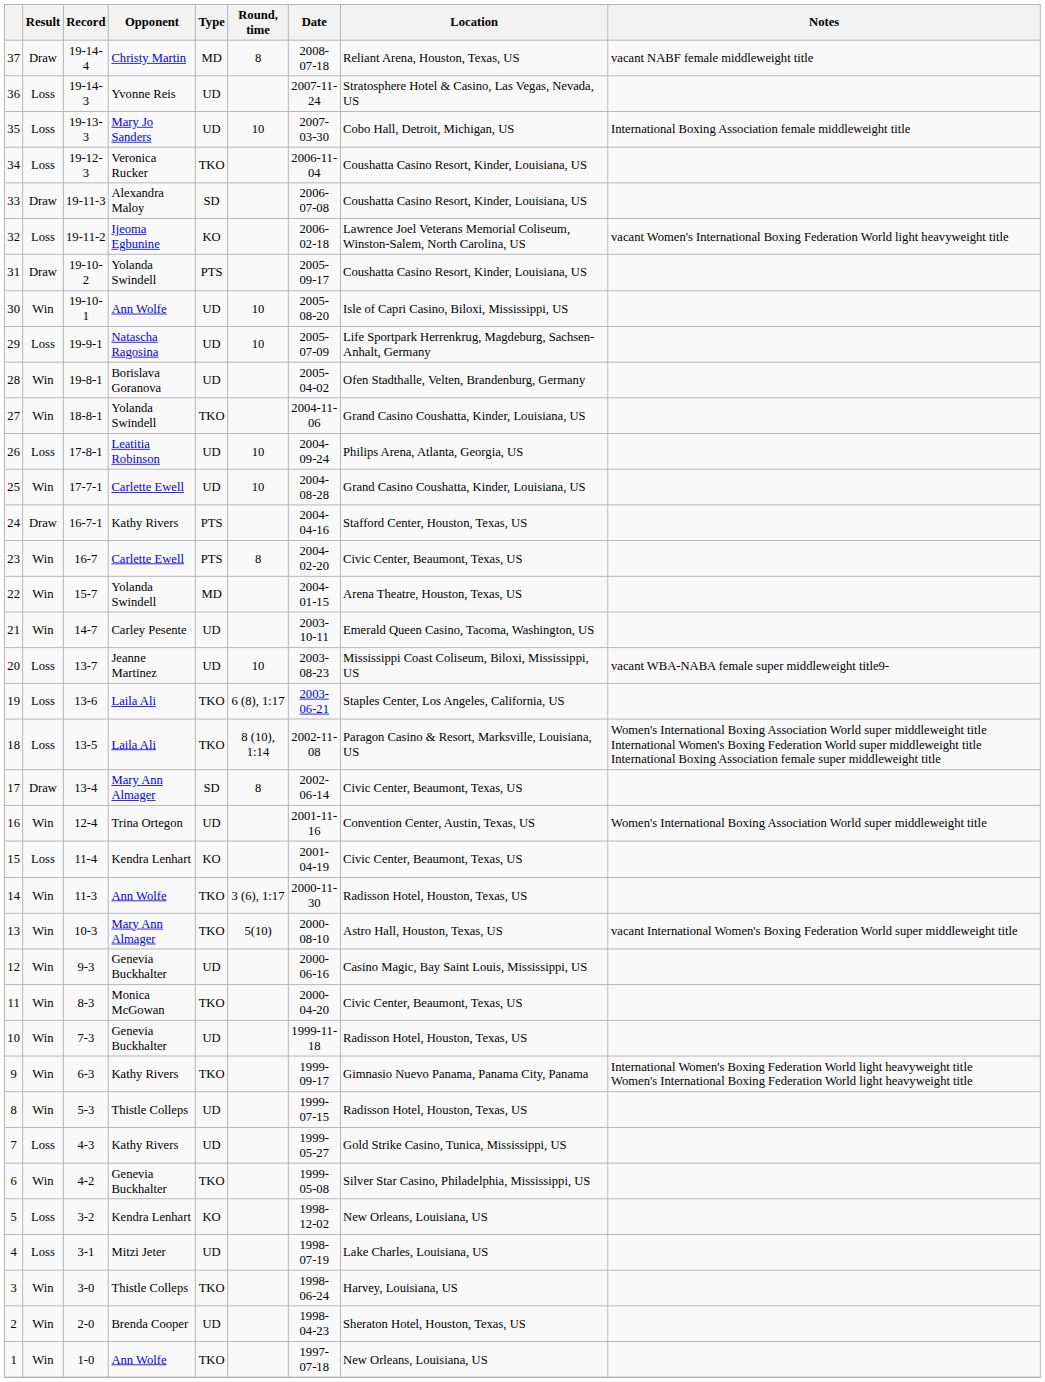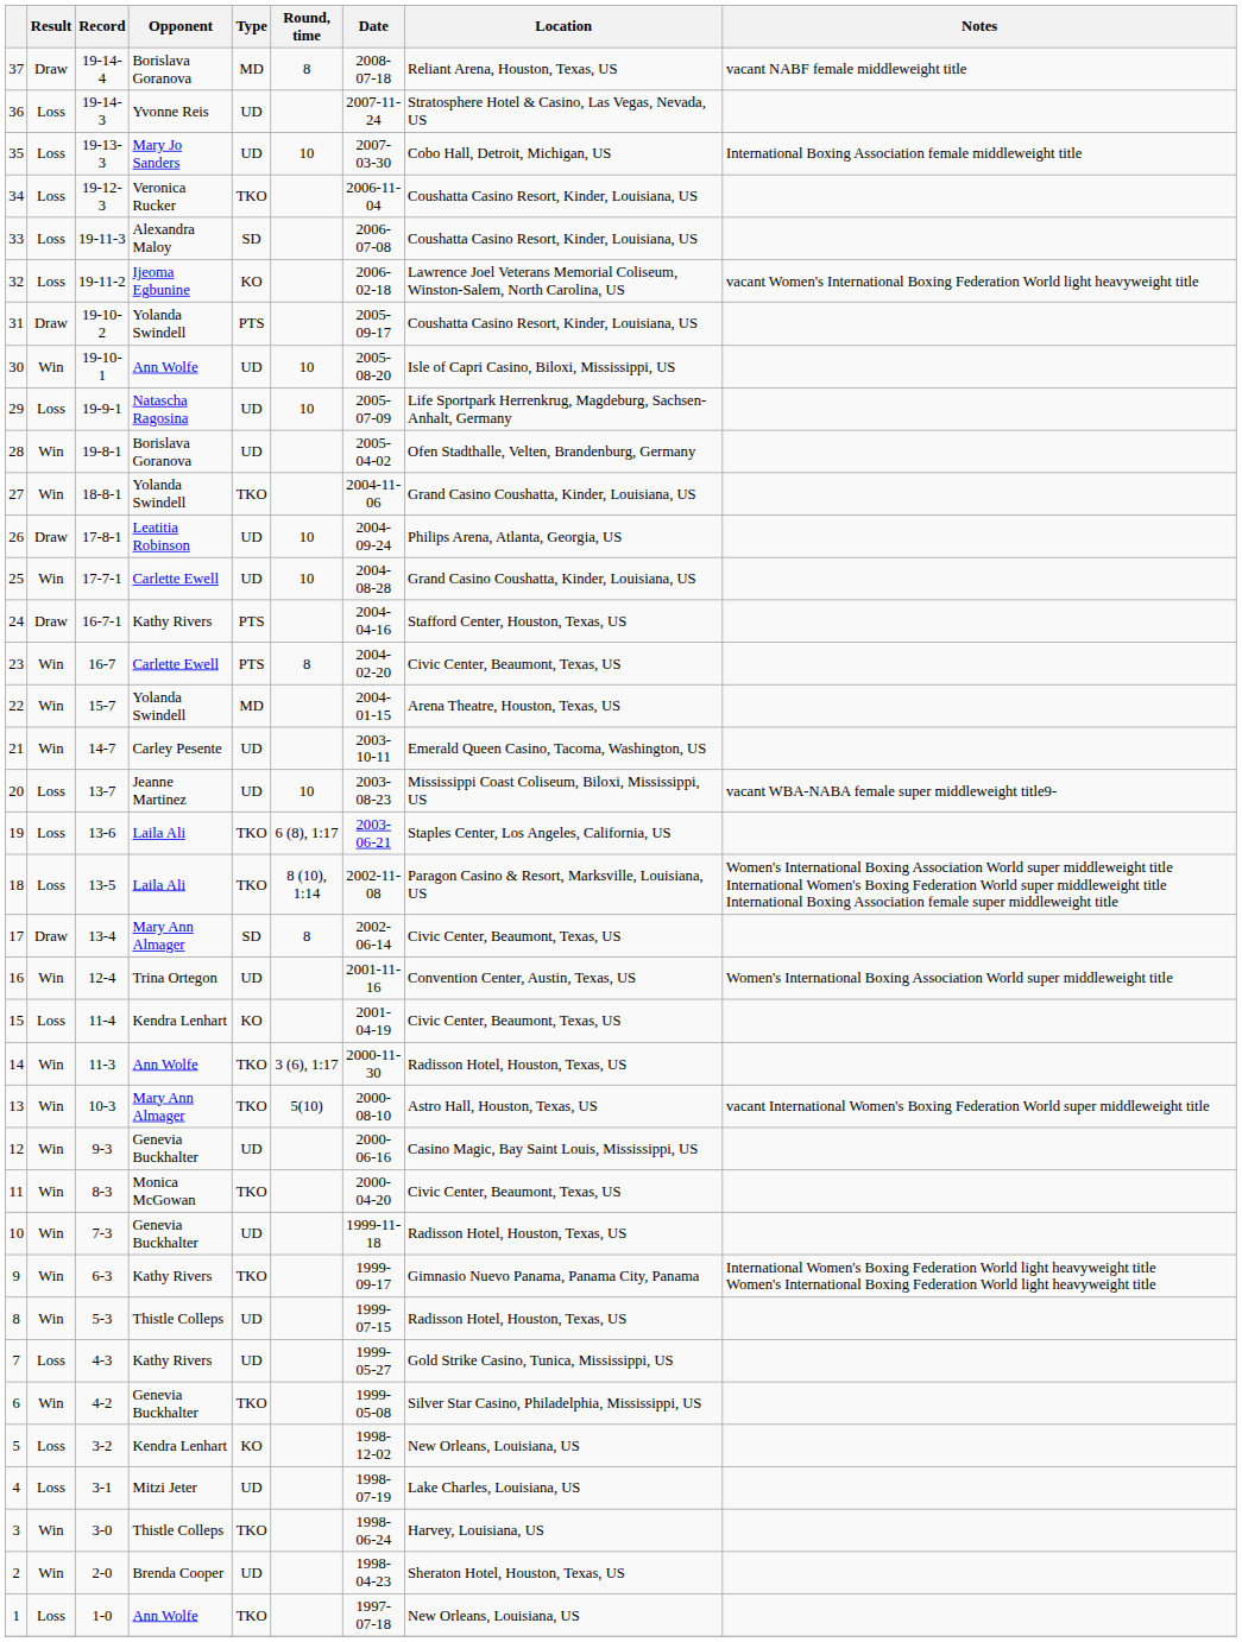 <table class="wikitable" style="text-align:center; font-size:95%">
 <tr>
 <th></th>
 <th>Result</th>
 <th>Record</th>
 <th>Opponent</th>
 <th>Type</th>
 <th>Round, time</th>
 <th>Date</th>
 <th>Location</th>
 <th>Notes</th>
 </tr>
 <tr>
 <td>37</td>
 <td>Draw</td>
 <td>19-14-4</td>
-<td style="text-align:left;"><a href='#'>Christy Martin</a></td>
+<td style="text-align:left;">Borislava Goranova</td>
 <td>MD</td>
 <td>8</td>
 <td>2008-07-18</td>
 <td style="text-align:left;">Reliant Arena, Houston, Texas, US</td>
 <td style="text-align:left;">vacant NABF female middleweight title</td>
 </tr>
 <tr>
 <td>36</td>
 <td>Loss</td>
 <td>19-14-3</td>
 <td style="text-align:left;">Yvonne Reis</td>
 <td>UD</td>
 <td></td>
 <td>2007-11-24</td>
 <td style="text-align:left;">Stratosphere Hotel & Casino, Las Vegas, Nevada, US</td>
 <td style="text-align:left;"></td>
 </tr>
 <tr>
 <td>35</td>
 <td>Loss</td>
 <td>19-13-3</td>
 <td style="text-align:left;"><a href='#'>Mary Jo Sanders</a></td>
 <td>UD</td>
 <td>10</td>
 <td>2007-03-30</td>
 <td style="text-align:left;">Cobo Hall, Detroit, Michigan, US</td>
 <td style="text-align:left;">International Boxing Association female middleweight title</td>
 </tr>
 <tr>
 <td>34</td>
 <td>Loss</td>
 <td>19-12-3</td>
 <td style="text-align:left;">Veronica Rucker</td>
 <td>TKO</td>
 <td></td>
 <td>2006-11-04</td>
 <td style="text-align:left;">Coushatta Casino Resort, Kinder, Louisiana, US</td>
 <td style="text-align:left;"></td>
 </tr>
 <tr>
 <td>33</td>
-<td>Draw</td>
+<td>Loss</td>
 <td>19-11-3</td>
 <td style="text-align:left;">Alexandra Maloy</td>
 <td>SD</td>
 <td></td>
 <td>2006-07-08</td>
 <td style="text-align:left;">Coushatta Casino Resort, Kinder, Louisiana, US</td>
 <td style="text-align:left;"></td>
 </tr>
 <tr>
 <td>32</td>
 <td>Loss</td>
 <td>19-11-2</td>
 <td style="text-align:left;"><a href='#'>Ijeoma Egbunine</a></td>
 <td>KO</td>
 <td></td>
 <td>2006-02-18</td>
 <td style="text-align:left;">Lawrence Joel Veterans Memorial Coliseum, Winston-Salem, North Carolina, US</td>
 <td style="text-align:left;">vacant Women's International Boxing Federation World light heavyweight title</td>
 </tr>
 <tr>
 <td>31</td>
 <td>Draw</td>
 <td>19-10-2</td>
 <td style="text-align:left;">Yolanda Swindell</td>
 <td>PTS</td>
 <td></td>
 <td>2005-09-17</td>
 <td style="text-align:left;">Coushatta Casino Resort, Kinder, Louisiana, US</td>
 <td style="text-align:left;"></td>
 </tr>
 <tr>
 <td>30</td>
 <td>Win</td>
 <td>19-10-1</td>
 <td style="text-align:left;"><a href='#'>Ann Wolfe</a></td>
 <td>UD</td>
 <td>10</td>
 <td>2005-08-20</td>
 <td style="text-align:left;">Isle of Capri Casino, Biloxi, Mississippi, US</td>
 <td style="text-align:left;"></td>
 </tr>
 <tr>
 <td>29</td>
 <td>Loss</td>
 <td>19-9-1</td>
 <td style="text-align:left;"><a href='#'>Natascha Ragosina</a></td>
 <td>UD</td>
 <td>10</td>
 <td>2005-07-09</td>
 <td style="text-align:left;">Life Sportpark Herrenkrug, Magdeburg, Sachsen-Anhalt, Germany</td>
 <td style="text-align:left;"></td>
 </tr>
 <tr>
 <td>28</td>
 <td>Win</td>
 <td>19-8-1</td>
 <td style="text-align:left;">Borislava Goranova</td>
 <td>UD</td>
 <td></td>
 <td>2005-04-02</td>
 <td style="text-align:left;">Ofen Stadthalle, Velten, Brandenburg, Germany</td>
 <td style="text-align:left;"></td>
 </tr>
 <tr>
 <td>27</td>
 <td>Win</td>
 <td>18-8-1</td>
 <td style="text-align:left;">Yolanda Swindell</td>
 <td>TKO</td>
 <td></td>
 <td>2004-11-06</td>
 <td style="text-align:left;">Grand Casino Coushatta, Kinder, Louisiana, US</td>
 <td style="text-align:left;"></td>
 </tr>
 <tr>
 <td>26</td>
-<td>Loss</td>
+<td>Draw</td>
 <td>17-8-1</td>
 <td style="text-align:left;"><a href='#'>Leatitia Robinson</a></td>
 <td>UD</td>
 <td>10</td>
 <td>2004-09-24</td>
 <td style="text-align:left;">Philips Arena, Atlanta, Georgia, US</td>
 <td style="text-align:left;"></td>
 </tr>
 <tr>
 <td>25</td>
 <td>Win</td>
 <td>17-7-1</td>
 <td style="text-align:left;"><a href='#'>Carlette Ewell</a></td>
 <td>UD</td>
 <td>10</td>
 <td>2004-08-28</td>
 <td style="text-align:left;">Grand Casino Coushatta, Kinder, Louisiana, US</td>
 <td style="text-align:left;"></td>
 </tr>
 <tr>
 <td>24</td>
 <td>Draw</td>
 <td>16-7-1</td>
 <td style="text-align:left;">Kathy Rivers</td>
 <td>PTS</td>
 <td></td>
 <td>2004-04-16</td>
 <td style="text-align:left;">Stafford Center, Houston, Texas, US</td>
 <td style="text-align:left;"></td>
 </tr>
 <tr>
 <td>23</td>
 <td>Win</td>
 <td>16-7</td>
 <td style="text-align:left;"><a href='#'>Carlette Ewell</a></td>
 <td>PTS</td>
 <td>8</td>
 <td>2004-02-20</td>
 <td style="text-align:left;">Civic Center, Beaumont, Texas, US</td>
 <td style="text-align:left;"></td>
 </tr>
 <tr>
 <td>22</td>
 <td>Win</td>
 <td>15-7</td>
 <td style="text-align:left;">Yolanda Swindell</td>
 <td>MD</td>
 <td></td>
 <td>2004-01-15</td>
 <td style="text-align:left;">Arena Theatre, Houston, Texas, US</td>
 <td style="text-align:left;"></td>
 </tr>
 <tr>
 <td>21</td>
 <td>Win</td>
 <td>14-7</td>
 <td style="text-align:left;">Carley Pesente</td>
 <td>UD</td>
 <td></td>
 <td>2003-10-11</td>
 <td style="text-align:left;">Emerald Queen Casino, Tacoma, Washington, US</td>
 <td style="text-align:left;"></td>
 </tr>
 <tr>
 <td>20</td>
 <td>Loss</td>
 <td>13-7</td>
 <td style="text-align:left;">Jeanne Martinez</td>
 <td>UD</td>
 <td>10</td>
 <td>2003-08-23</td>
 <td style="text-align:left;">Mississippi Coast Coliseum, Biloxi, Mississippi, US</td>
 <td style="text-align:left;">vacant WBA-NABA female super middleweight title9-</td>
 </tr>
 <tr>
 <td>19</td>
 <td>Loss</td>
 <td>13-6</td>
 <td style="text-align:left;"><a href='#'>Laila Ali</a></td>
 <td>TKO</td>
 <td>6 (8), 1:17</td>
 <td><a href='#'>2003-06-21</a></td>
 <td style="text-align:left;">Staples Center, Los Angeles, California, US</td>
 <td style="text-align:left;"></td>
 </tr>
 <tr>
 <td>18</td>
 <td>Loss</td>
 <td>13-5</td>
 <td style="text-align:left;"><a href='#'>Laila Ali</a></td>
 <td>TKO</td>
 <td>8 (10), 1:14</td>
 <td>2002-11-08</td>
 <td style="text-align:left;">Paragon Casino & Resort, Marksville, Louisiana, US</td>
 <td style="text-align:left;">Women's International Boxing Association World super middleweight title<br>International Women's Boxing Federation World super middleweight title International Boxing Association female super middleweight title</td>
 </tr>
 <tr>
 <td>17</td>
 <td>Draw</td>
 <td>13-4</td>
 <td style="text-align:left;"><a href='#'>Mary Ann Almager</a></td>
 <td>SD</td>
 <td>8</td>
 <td>2002-06-14</td>
 <td style="text-align:left;">Civic Center, Beaumont, Texas, US</td>
 <td style="text-align:left;"></td>
 </tr>
 <tr>
 <td>16</td>
 <td>Win</td>
 <td>12-4</td>
 <td style="text-align:left;">Trina Ortegon</td>
 <td>UD</td>
 <td></td>
 <td>2001-11-16</td>
 <td style="text-align:left;">Convention Center, Austin, Texas, US</td>
 <td style="text-align:left;">Women's International Boxing Association World super middleweight title</td>
 </tr>
 <tr>
 <td>15</td>
 <td>Loss</td>
 <td>11-4</td>
 <td style="text-align:left;">Kendra Lenhart</td>
 <td>KO</td>
 <td></td>
 <td>2001-04-19</td>
 <td style="text-align:left;">Civic Center, Beaumont, Texas, US</td>
 <td style="text-align:left;"></td>
 </tr>
 <tr>
 <td>14</td>
 <td>Win</td>
 <td>11-3</td>
 <td style="text-align:left;"><a href='#'>Ann Wolfe</a></td>
 <td>TKO</td>
 <td>3 (6), 1:17</td>
 <td>2000-11-30</td>
 <td style="text-align:left;">Radisson Hotel, Houston, Texas, US</td>
 <td style="text-align:left;"></td>
 </tr>
 <tr>
 <td>13</td>
 <td>Win</td>
 <td>10-3</td>
 <td style="text-align:left;"><a href='#'>Mary Ann Almager</a></td>
 <td>TKO</td>
 <td>5(10)</td>
 <td>2000-08-10</td>
 <td style="text-align:left;">Astro Hall, Houston, Texas, US</td>
 <td style="text-align:left;">vacant International Women's Boxing Federation World super middleweight title</td>
 </tr>
 <tr>
 <td>12</td>
 <td>Win</td>
 <td>9-3</td>
 <td style="text-align:left;">Genevia Buckhalter</td>
 <td>UD</td>
 <td></td>
 <td>2000-06-16</td>
 <td style="text-align:left;">Casino Magic, Bay Saint Louis, Mississippi, US</td>
 <td style="text-align:left;"></td>
 </tr>
 <tr>
 <td>11</td>
 <td>Win</td>
 <td>8-3</td>
 <td style="text-align:left;">Monica McGowan</td>
 <td>TKO</td>
 <td></td>
 <td>2000-04-20</td>
 <td style="text-align:left;">Civic Center, Beaumont, Texas, US</td>
 <td style="text-align:left;"></td>
 </tr>
 <tr>
 <td>10</td>
 <td>Win</td>
 <td>7-3</td>
 <td style="text-align:left;">Genevia Buckhalter</td>
 <td>UD</td>
 <td></td>
 <td>1999-11-18</td>
 <td style="text-align:left;">Radisson Hotel, Houston, Texas, US</td>
 <td style="text-align:left;"></td>
 </tr>
 <tr>
 <td>9</td>
 <td>Win</td>
 <td>6-3</td>
 <td style="text-align:left;">Kathy Rivers</td>
 <td>TKO</td>
 <td></td>
 <td>1999-09-17</td>
 <td style="text-align:left;">Gimnasio Nuevo Panama, Panama City, Panama</td>
 <td style="text-align:left;">International Women's Boxing Federation World light heavyweight title<br>Women's International Boxing Federation World light heavyweight title</td>
 </tr>
 <tr>
 <td>8</td>
 <td>Win</td>
 <td>5-3</td>
 <td style="text-align:left;">Thistle Colleps</td>
 <td>UD</td>
 <td></td>
 <td>1999-07-15</td>
 <td style="text-align:left;">Radisson Hotel, Houston, Texas, US</td>
 <td style="text-align:left;"></td>
 </tr>
 <tr>
 <td>7</td>
 <td>Loss</td>
 <td>4-3</td>
 <td style="text-align:left;">Kathy Rivers</td>
 <td>UD</td>
 <td></td>
 <td>1999-05-27</td>
 <td style="text-align:left;">Gold Strike Casino, Tunica, Mississippi, US</td>
 <td style="text-align:left;"></td>
 </tr>
 <tr>
 <td>6</td>
 <td>Win</td>
 <td>4-2</td>
 <td style="text-align:left;">Genevia Buckhalter</td>
 <td>TKO</td>
 <td></td>
 <td>1999-05-08</td>
 <td style="text-align:left;">Silver Star Casino, Philadelphia, Mississippi, US</td>
 <td style="text-align:left;"></td>
 </tr>
 <tr>
 <td>5</td>
 <td>Loss</td>
 <td>3-2</td>
 <td style="text-align:left;">Kendra Lenhart</td>
 <td>KO</td>
 <td></td>
 <td>1998-12-02</td>
 <td style="text-align:left;">New Orleans, Louisiana, US</td>
 <td style="text-align:left;"></td>
 </tr>
 <tr>
 <td>4</td>
 <td>Loss</td>
 <td>3-1</td>
 <td style="text-align:left;">Mitzi Jeter</td>
 <td>UD</td>
 <td></td>
 <td>1998-07-19</td>
 <td style="text-align:left;">Lake Charles, Louisiana, US</td>
 <td style="text-align:left;"></td>
 </tr>
 <tr>
 <td>3</td>
 <td>Win</td>
 <td>3-0</td>
 <td style="text-align:left;">Thistle Colleps</td>
 <td>TKO</td>
 <td></td>
 <td>1998-06-24</td>
 <td style="text-align:left;">Harvey, Louisiana, US</td>
 <td style="text-align:left;"></td>
 </tr>
 <tr>
 <td>2</td>
 <td>Win</td>
 <td>2-0</td>
 <td style="text-align:left;">Brenda Cooper</td>
 <td>UD</td>
 <td></td>
 <td>1998-04-23</td>
 <td style="text-align:left;">Sheraton Hotel, Houston, Texas, US</td>
 <td style="text-align:left;"></td>
 </tr>
 <tr>
 <td>1</td>
-<td>Win</td>
+<td>Loss</td>
 <td>1-0</td>
 <td style="text-align:left;"><a href='#'>Ann Wolfe</a></td>
 <td>TKO</td>
 <td></td>
 <td>1997-07-18</td>
 <td style="text-align:left;">New Orleans, Louisiana, US</td>
 <td style="text-align:left;"></td>
 </tr>
 <tr>
 </tr>
 </table>
